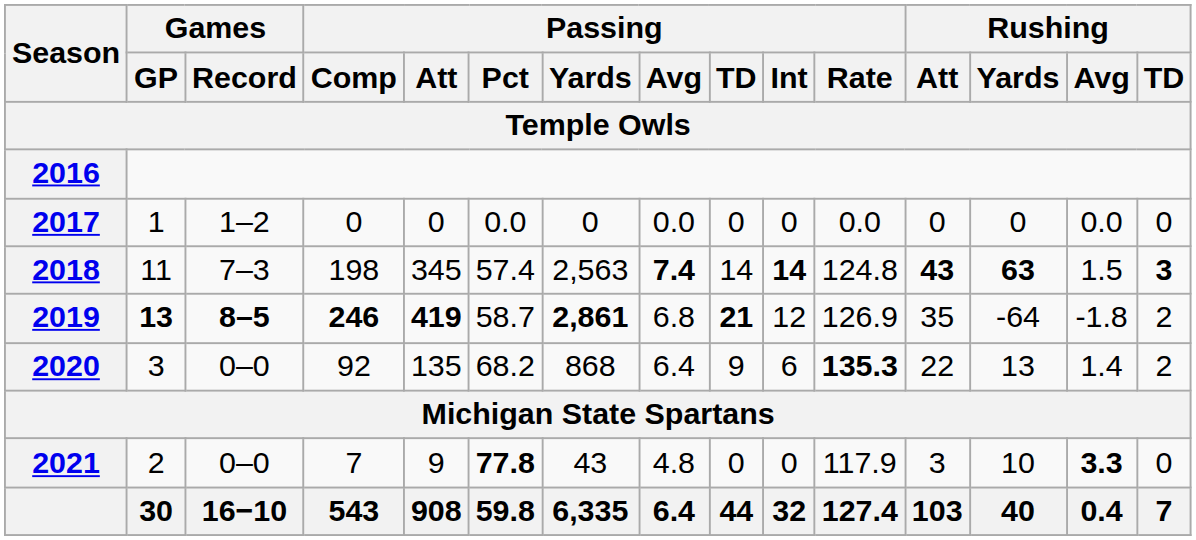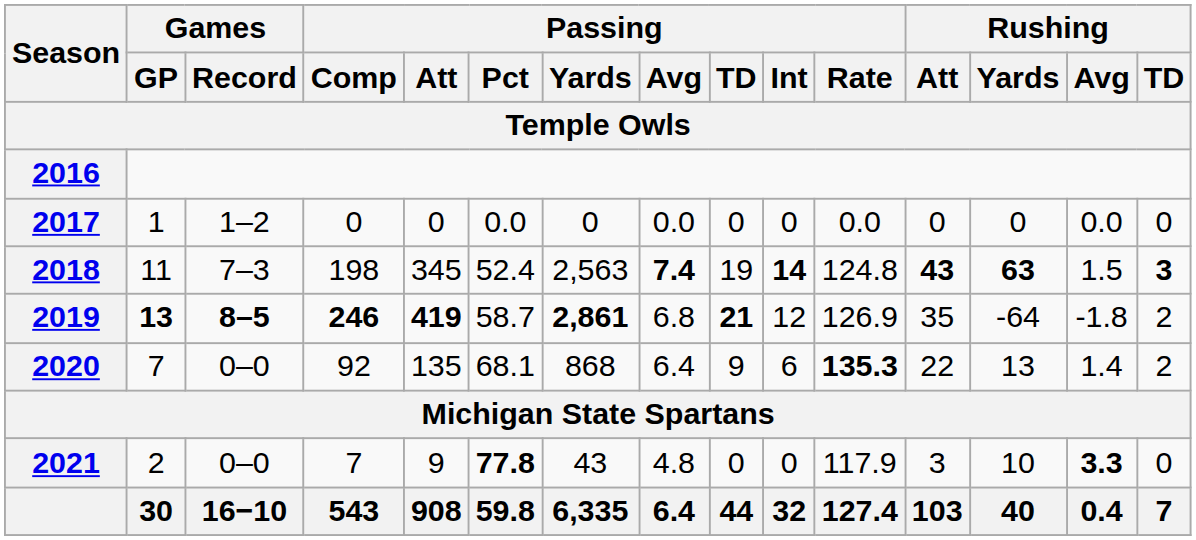 <table class="wikitable" style="text-align:center;">
 <tr>
 <th rowspan="2">Season</th>
 <th colspan="2">Games</th>
 <th colspan="8">Passing</th>
 <th colspan="4">Rushing</th>
 </tr>
 <tr>
 <th>GP</th>
 <th>Record</th>
 <th>Comp</th>
 <th>Att</th>
 <th>Pct</th>
 <th>Yards</th>
 <th>Avg</th>
 <th>TD</th>
 <th>Int</th>
 <th>Rate</th>
 <th>Att</th>
 <th>Yards</th>
 <th>Avg</th>
 <th>TD</th>
 </tr>
 <tr>
 <th colspan="16">Temple Owls</th>
 </tr>
 <tr>
 <th><a href='#'>2016</a></th>
 <td colspan="15"></td>
 </tr>
 <tr>
 <th><a href='#'>2017</a></th>
 <td>1</td>
 <td>1–2</td>
 <td>0</td>
 <td>0</td>
 <td>0.0</td>
 <td>0</td>
 <td>0.0</td>
 <td>0</td>
 <td>0</td>
 <td>0.0</td>
 <td>0</td>
 <td>0</td>
 <td>0.0</td>
 <td>0</td>
 </tr>
 <tr>
 <th><a href='#'>2018</a></th>
 <td>11</td>
 <td>7–3</td>
 <td>198</td>
 <td>345</td>
-<td>57.4</td>
+<td>52.4</td>
 <td>2,563</td>
 <td><strong>7.4</strong></td>
-<td>14</td>
+<td>19</td>
 <td><strong>14</strong></td>
 <td>124.8</td>
 <td><strong>43</strong></td>
 <td><strong>63</strong></td>
 <td>1.5</td>
 <td><strong>3</strong></td>
 </tr>
 <tr>
 <th><a href='#'>2019</a></th>
 <td><strong>13</strong></td>
 <td><strong>8–5</strong></td>
 <td><strong>246</strong></td>
 <td><strong>419</strong></td>
 <td>58.7</td>
 <td><strong>2,861</strong></td>
 <td>6.8</td>
 <td><strong>21</strong></td>
 <td>12</td>
 <td>126.9</td>
 <td>35</td>
 <td>-64</td>
 <td>-1.8</td>
 <td>2</td>
 </tr>
 <tr>
 <th><a href='#'>2020</a></th>
-<td>3</td>
+<td>7</td>
 <td>0–0</td>
 <td>92</td>
 <td>135</td>
-<td>68.2</td>
+<td>68.1</td>
 <td>868</td>
 <td>6.4</td>
 <td>9</td>
 <td>6</td>
 <td><strong>135.3</strong></td>
 <td>22</td>
 <td>13</td>
 <td>1.4</td>
 <td>2</td>
 </tr>
 <tr>
 <th colspan="16">Michigan State Spartans</th>
 </tr>
 <tr>
 <th><a href='#'>2021</a></th>
 <td>2</td>
 <td>0–0</td>
 <td>7</td>
 <td>9</td>
 <td><strong>77.8</strong></td>
 <td>43</td>
 <td>4.8</td>
 <td>0</td>
 <td>0</td>
 <td>117.9</td>
 <td>3</td>
 <td>10</td>
 <td><strong>3.3</strong></td>
 <td>0</td>
 </tr>
 <tr>
 <th></th>
 <th>30</th>
 <th>16−10</th>
 <th>543</th>
 <th>908</th>
 <th>59.8</th>
 <th>6,335</th>
 <th>6.4</th>
 <th>44</th>
 <th>32</th>
 <th>127.4</th>
 <th>103</th>
 <th>40</th>
 <th>0.4</th>
 <th>7</th>
 </tr>
 </table>
